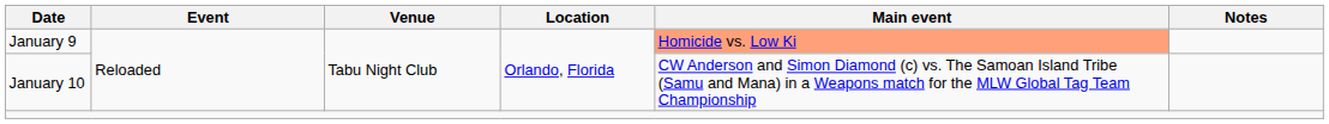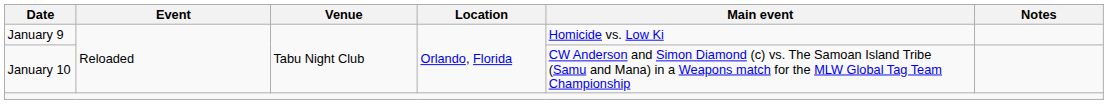 <table class="sortable wikitable succession-box" style="font-size:85%; font-size:85%">
 <tr>
 <th scope="col" width="70">Date</th>
 <th scope="col" width="200">Event</th>
 <th scope="col" width="150">Venue</th>
 <th scope="col" width="130">Location</th>
 <th scope="col" width="450">Main event</th>
 <th scope="col" width="130">Notes</th>
 </tr>
 <tr>
 <td>January 9</td>
 <td rowspan="2">Reloaded</td>
 <td rowspan="2">Tabu Night Club</td>
 <td rowspan="2"><a href='#'>Orlando</a>, <a href='#'>Florida</a></td>
-<td style="background: lightsalmon;"><a href='#'>Homicide</a> vs. <a href='#'>Low Ki</a></td>
+<td><a href='#'>Homicide</a> vs. <a href='#'>Low Ki</a></td>
 <td></td>
 </tr>
 <tr>
 <td>January 10</td>
 <td><a href='#'>CW Anderson</a> and <a href='#'>Simon Diamond</a> (c) vs. The Samoan Island Tribe (<a href='#'>Samu</a> and Mana) in a <a href='#'>Weapons match</a> for the <a href='#'>MLW Global Tag Team Championship</a></td>
 <td></td>
 </tr>
 <tr>
 <td colspan="6"></td>
 </tr>
 </table>
